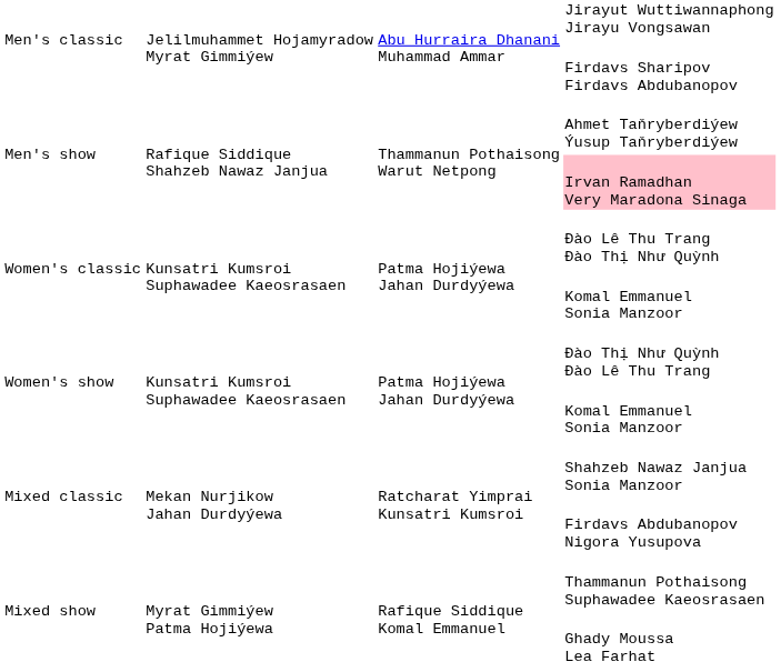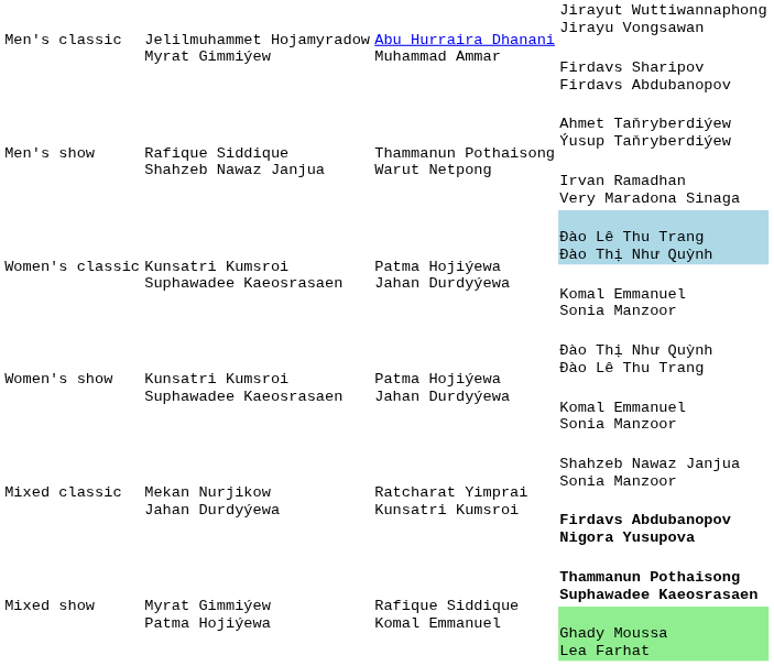 <table>
 <tr>
 <td rowspan=2>Men's classic</td>
 <td rowspan=2><br>Jelilmuhammet Hojamyradow<br>Myrat Gimmiýew</td>
 <td rowspan=2><br><a href='#'>Abu Hurraira Dhanani</a><br>Muhammad Ammar</td>
 <td><br>Jirayut Wuttiwannaphong<br>Jirayu Vongsawan</td>
 </tr>
 <tr>
 <td><br>Firdavs Sharipov<br>Firdavs Abdubanopov</td>
 </tr>
 <tr>
 <td rowspan=2>Men's show</td>
 <td rowspan=2><br>Rafique Siddique<br>Shahzeb Nawaz Janjua</td>
 <td rowspan=2><br>Thammanun Pothaisong<br>Warut Netpong</td>
 <td><br>Ahmet Taňryberdiýew<br>Ýusup Taňryberdiýew</td>
 </tr>
 <tr>
-<td style="background: pink;"><br>Irvan Ramadhan<br>Very Maradona Sinaga</td>
+<td><br>Irvan Ramadhan<br>Very Maradona Sinaga</td>
 </tr>
 <tr>
 <td rowspan=2>Women's classic</td>
 <td rowspan=2><br>Kunsatri Kumsroi<br>Suphawadee Kaeosrasaen</td>
 <td rowspan=2><br>Patma Hojiýewa<br>Jahan Durdyýewa</td>
-<td><br>Đào Lê Thu Trang<br>Đào Thị Như Quỳnh</td>
+<td style="background: lightblue;"><br>Đào Lê Thu Trang<br>Đào Thị Như Quỳnh</td>
 </tr>
 <tr>
 <td><br>Komal Emmanuel<br>Sonia Manzoor</td>
 </tr>
 <tr>
 <td rowspan=2>Women's show</td>
 <td rowspan=2><br>Kunsatri Kumsroi<br>Suphawadee Kaeosrasaen</td>
 <td rowspan=2><br>Patma Hojiýewa<br>Jahan Durdyýewa</td>
 <td><br>Đào Thị Như Quỳnh<br>Đào Lê Thu Trang</td>
 </tr>
 <tr>
 <td><br>Komal Emmanuel<br>Sonia Manzoor</td>
 </tr>
 <tr>
 <td rowspan=2>Mixed classic</td>
 <td rowspan=2><br>Mekan Nurjikow<br>Jahan Durdyýewa</td>
 <td rowspan=2><br>Ratcharat Yimprai<br>Kunsatri Kumsroi</td>
 <td><br>Shahzeb Nawaz Janjua<br>Sonia Manzoor</td>
 </tr>
 <tr>
-<td><br>Firdavs Abdubanopov<br>Nigora Yusupova</td>
+<td><strong><br>Firdavs Abdubanopov<br>Nigora Yusupova</strong></td>
 </tr>
 <tr>
 <td rowspan=2>Mixed show</td>
 <td rowspan=2><br>Myrat Gimmiýew<br>Patma Hojiýewa</td>
 <td rowspan=2><br>Rafique Siddique<br>Komal Emmanuel</td>
-<td><br>Thammanun Pothaisong<br>Suphawadee Kaeosrasaen</td>
+<td><strong><br>Thammanun Pothaisong<br>Suphawadee Kaeosrasaen</strong></td>
 </tr>
 <tr>
-<td><br>Ghady Moussa<br>Lea Farhat</td>
+<td style="background: lightgreen;"><br>Ghady Moussa<br>Lea Farhat</td>
 </tr>
 </table>
